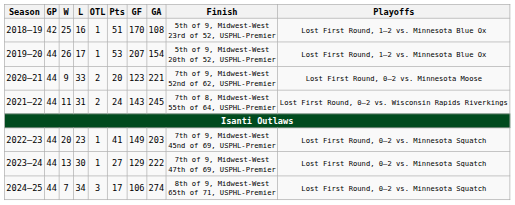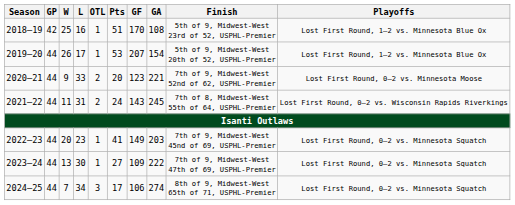 <table class="wikitable" style="text-align:center">
 <tr>
 <th>Season</th>
 <th>GP</th>
 <th>W</th>
 <th>L</th>
 <th>OTL</th>
 <th>Pts</th>
 <th>GF</th>
 <th>GA</th>
 <th>Finish</th>
 <th>Playoffs</th>
 </tr>
 <tr>
 <td>2018–19</td>
 <td>42</td>
 <td>25</td>
 <td>16</td>
 <td>1</td>
 <td>51</td>
 <td>170</td>
 <td>108</td>
 <td><small>5th of 9, Midwest-West<br>23rd of 52, USPHL-Premier</small></td>
 <td><small>Lost First Round, 1–2 vs. Minnesota Blue Ox</small></td>
 </tr>
 <tr>
 <td>2019–20</td>
 <td>44</td>
 <td>26</td>
 <td>17</td>
 <td>1</td>
 <td>53</td>
 <td>207</td>
 <td>154</td>
 <td><small>5th of 9, Midwest-West<br>20th of 52, USPHL-Premier</small></td>
 <td><small>Lost First Round, 1–2 vs. Minnesota Blue Ox</small></td>
 </tr>
 <tr>
 <td>2020–21</td>
 <td>44</td>
 <td>9</td>
 <td>33</td>
 <td>2</td>
 <td>20</td>
 <td>123</td>
 <td>221</td>
 <td><small>7th of 9, Midwest-West<br>52nd of 62, USPHL-Premier</small></td>
 <td><small>Lost First Round, 0–2 vs. Minnesota Moose</small></td>
 </tr>
 <tr>
 <td>2021–22</td>
 <td>44</td>
 <td>11</td>
 <td>31</td>
 <td>2</td>
 <td>24</td>
 <td>143</td>
 <td>245</td>
 <td><small>7th of 8, Midwest-West<br>55th of 64, USPHL-Premier</small></td>
 <td><small>Lost First Round, 0–2 vs. Wisconsin Rapids Riverkings</small></td>
 </tr>
 <tr align="center" style="color:white; background:#004b1e; ">
 <td colspan=12><strong>Isanti Outlaws</strong></td>
 </tr>
 <tr>
 <td>2022–23</td>
 <td>44</td>
 <td>20</td>
 <td>23</td>
 <td>1</td>
 <td>41</td>
 <td>149</td>
 <td>203</td>
 <td><small>7th of 9, Midwest-West<br>45nd of 69, USPHL-Premier   </small></td>
 <td><small>Lost First Round, 0–2 vs. Minnesota Squatch</small></td>
 </tr>
 <tr>
 <td>2023–24</td>
 <td>44</td>
 <td>13</td>
 <td>30</td>
 <td>1</td>
 <td>27</td>
-<td>129</td>
+<td>109</td>
 <td>222</td>
 <td><small>7th of 9, Midwest-West<br>47th of 69, USPHL-Premier   </small></td>
 <td><small>Lost First Round, 0–2 vs. Minnesota Squatch</small></td>
 </tr>
 <tr>
 <td>2024–25</td>
 <td>44</td>
 <td>7</td>
 <td>34</td>
 <td>3</td>
 <td>17</td>
 <td>106</td>
 <td>274</td>
 <td><small>8th of 9, Midwest-West<br>65th of 71, USPHL-Premier   </small></td>
 <td><small>Lost First Round, 0–2 vs. Minnesota Squatch</small></td>
 </tr>
 </table>
